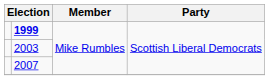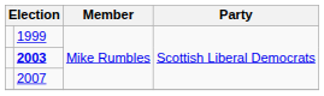 <table class="wikitable">
 <tr>
 <th colspan="2">Election</th>
 <th>Member</th>
 <th>Party</th>
 </tr>
 <tr>
 <td style="background-color: "></td>
-<td><strong><a href='#'>1999</a></strong></td>
+<td><a href='#'>1999</a></td>
 <td rowspan="3"><a href='#'>Mike Rumbles</a></td>
 <td rowspan="3"><a href='#'>Scottish Liberal Democrats</a></td>
 </tr>
 <tr>
 <td style="background-color: "></td>
-<td><a href='#'>2003</a></td>
+<td><strong><a href='#'>2003</a></strong></td>
 </tr>
 <tr>
 <td style="background-color: "></td>
 <td><a href='#'>2007</a></td>
 </tr>
 <tr>
 </tr>
 </table>
